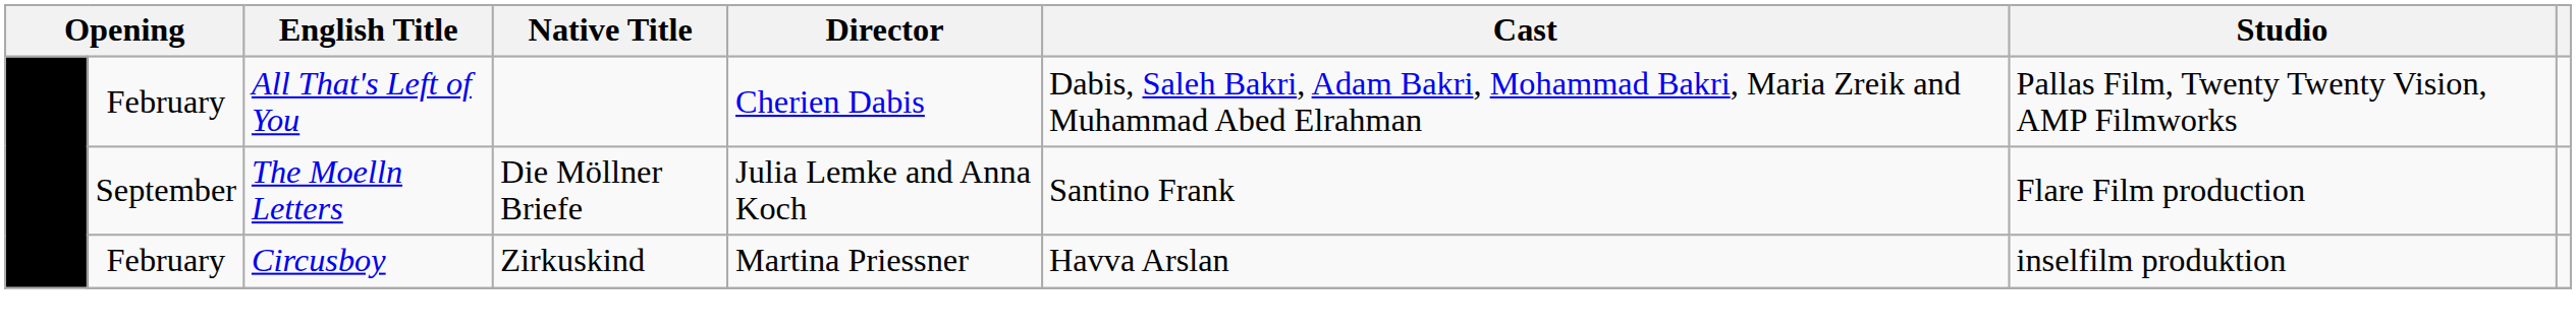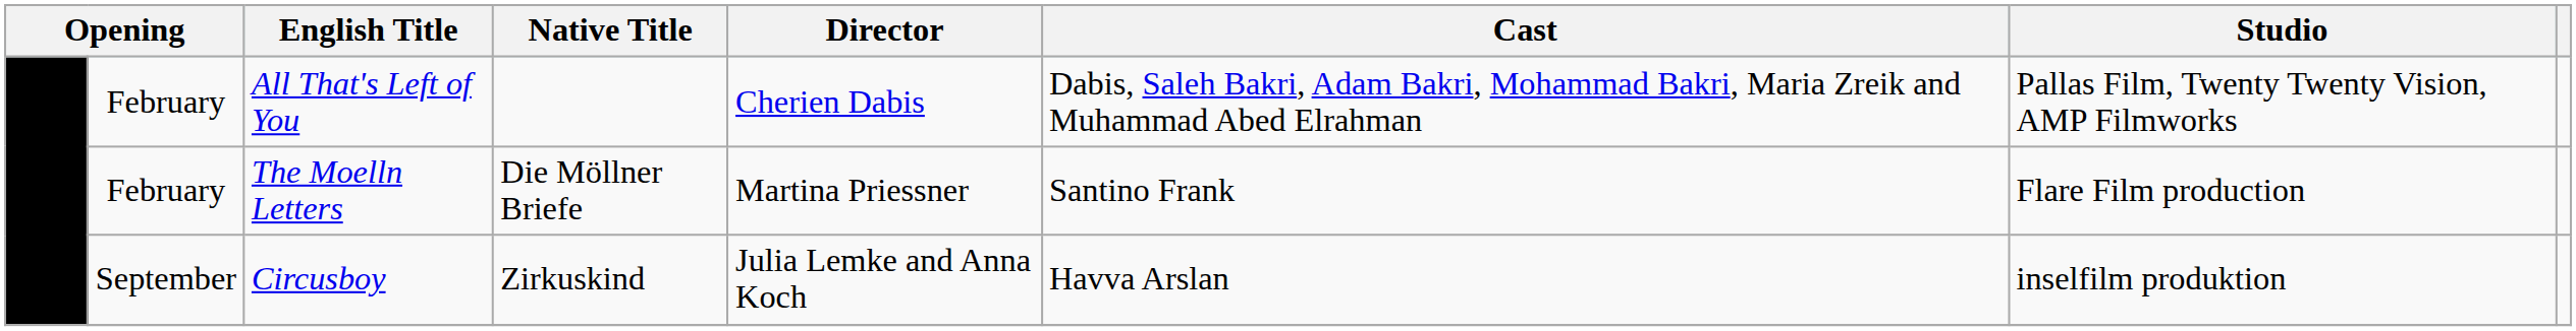 <table class="wikitable sortable">
 <tr style="background:#b0e0e6; text-align:center;">
 <th colspan="2">Opening</th>
 <th>English Title</th>
 <th>Native Title</th>
 <th>Director</th>
 <th>Cast</th>
 <th>Studio</th>
 <th></th>
 </tr>
 <tr>
 <th rowspan="4" style="text-align:center; background:black; textcolor:white;">TBA</th>
 <td rowspan="1" style="text-align:center;">February</td>
 <td><em><a href='#'>All That's Left of You</a></em></td>
 <td></td>
 <td><a href='#'>Cherien Dabis</a></td>
 <td>Dabis, <a href='#'>Saleh Bakri</a>, <a href='#'>Adam Bakri</a>, <a href='#'>Mohammad Bakri</a>, Maria Zreik and Muhammad Abed Elrahman</td>
 <td>Pallas Film, Twenty Twenty Vision, AMP Filmworks</td>
 <td></td>
 </tr>
 <tr>
-<td rowspan="1" style="text-align:center;">September</td>
+<td rowspan="1" style="text-align:center;">February</td>
 <td><em><a href='#'>The Moelln Letters</a></em></td>
 <td>Die Möllner Briefe</td>
-<td>Julia Lemke and Anna Koch</td>
+<td>Martina Priessner</td>
 <td>Santino Frank</td>
 <td>Flare Film production</td>
 <td></td>
 </tr>
 <tr>
-<td rowspan="1" style="text-align:center;">February</td>
+<td rowspan="1" style="text-align:center;">September</td>
 <td><em><a href='#'>Circusboy</a></em></td>
 <td>Zirkuskind</td>
-<td>Martina Priessner</td>
+<td>Julia Lemke and Anna Koch</td>
 <td>Havva Arslan</td>
 <td>inselfilm produktion</td>
 <td></td>
 </tr>
 <tr>
 </tr>
 </table>
